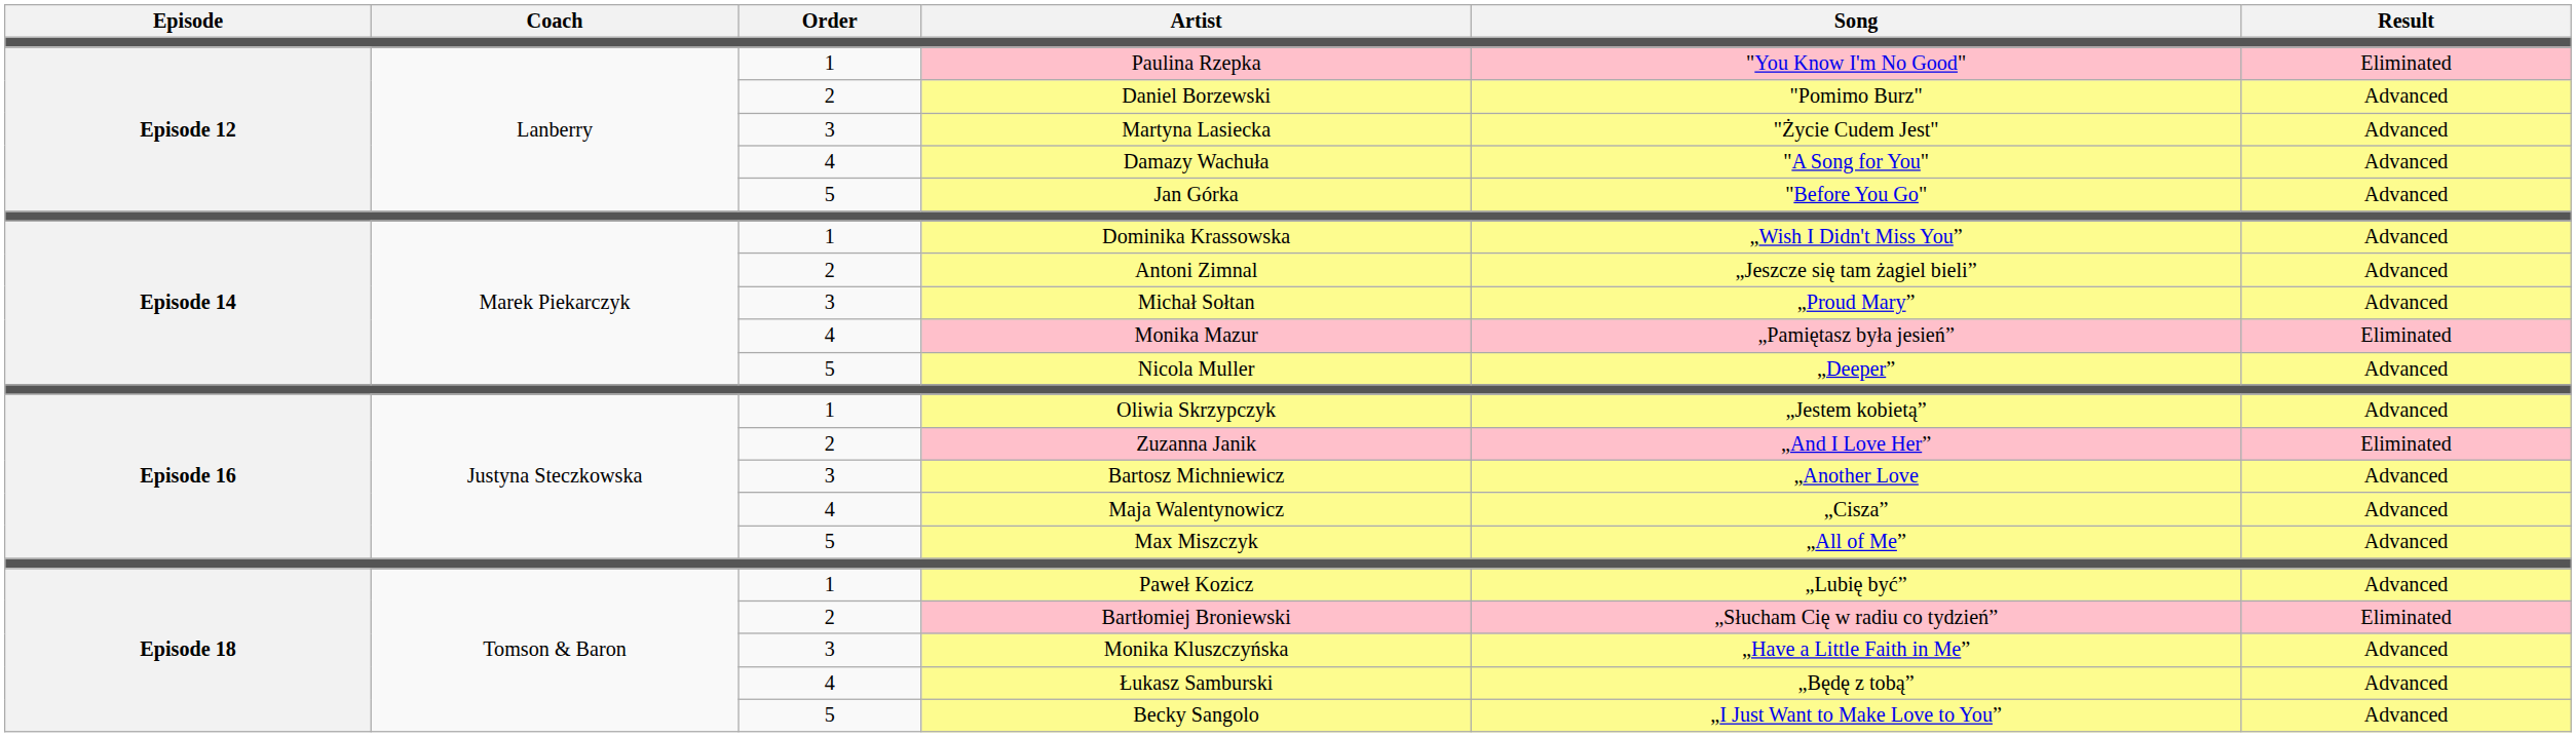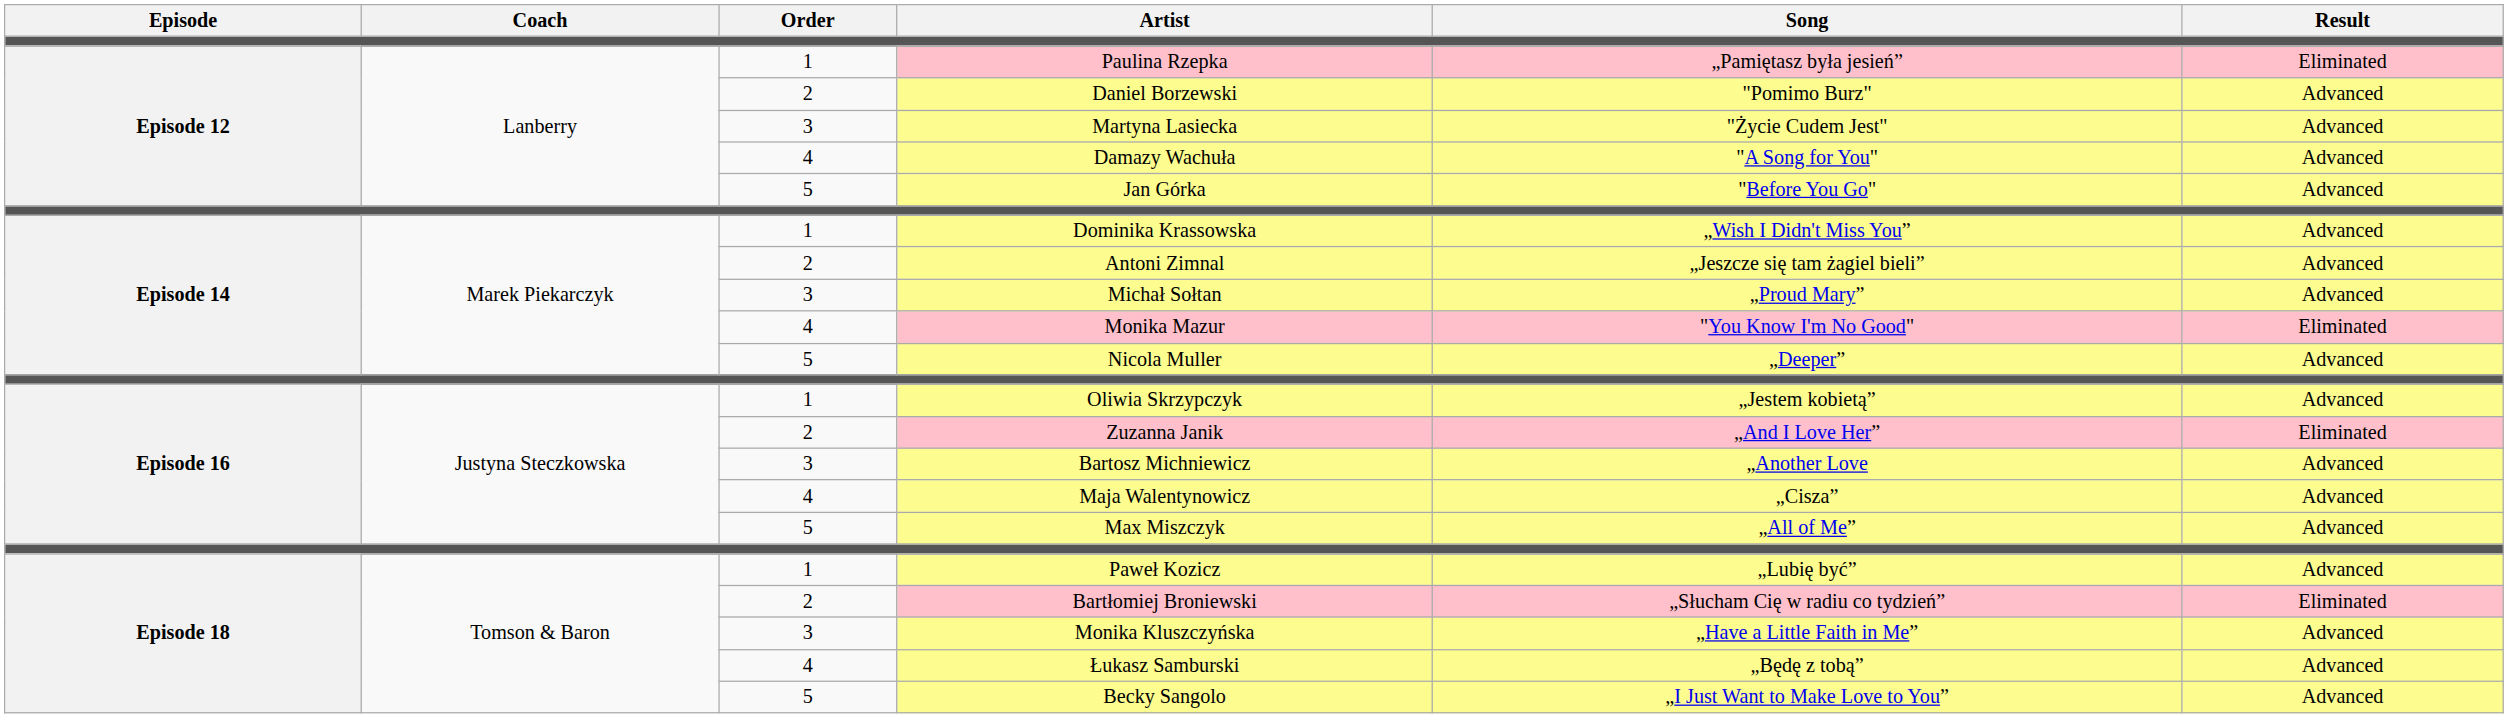 <table class="wikitable plainrowheaders" style="text-align: center; width:100%;">
 <tr>
 <th scope="col" style="width:10%;">Episode</th>
 <th style="width:10%;">Coach</th>
 <th style="width:05%;">Order</th>
 <th style="width:15%;">Artist</th>
 <th style="width:21%;">Song</th>
 <th style="width:09%;">Result</th>
 </tr>
 <tr>
 <td colspan="6" style="background:#555;"></td>
 </tr>
 <tr>
 <th rowspan="6">Episode 12<br><small></small></th>
 </tr>
 <tr>
 <td rowspan="5">Lanberry</td>
 <td>1</td>
 <td style="background:pink">Paulina Rzepka</td>
-<td style="background:pink">"<a href='#'>You Know I'm No Good</a>"</td>
+<td style="background:pink">„Pamiętasz była jesień”</td>
 <td style="background:pink">Eliminated</td>
 </tr>
 <tr>
 <td>2</td>
 <td style="background:#fdfc8f;">Daniel Borzewski</td>
 <td style="background:#fdfc8f;">"Pomimo Burz"</td>
 <td style="background:#fdfc8f;">Advanced</td>
 </tr>
 <tr>
 <td>3</td>
 <td style="background:#fdfc8f;">Martyna Lasiecka</td>
 <td style="background:#fdfc8f;">"Życie Cudem Jest"</td>
 <td style="background:#fdfc8f;">Advanced</td>
 </tr>
 <tr>
 <td>4</td>
 <td style="background:#fdfc8f;">Damazy Wachuła</td>
 <td style="background:#fdfc8f;">"<a href='#'>A Song for You</a>"</td>
 <td style="background:#fdfc8f;">Advanced</td>
 </tr>
 <tr>
 <td>5</td>
 <td style="background:#fdfc8f;">Jan Górka</td>
 <td style="background:#fdfc8f;">"<a href='#'>Before You Go</a>"</td>
 <td style="background:#fdfc8f;">Advanced</td>
 </tr>
 <tr>
 <td colspan="6" style="background:#555;"></td>
 </tr>
 <tr>
 <th rowspan="6">Episode 14<br><small></small></th>
 </tr>
 <tr>
 <td rowspan="5">Marek Piekarczyk</td>
 <td>1</td>
 <td style="background:#fdfc8f;">Dominika Krassowska</td>
 <td style="background:#fdfc8f;">„<a href='#'>Wish I Didn't Miss You</a>”</td>
 <td style="background:#fdfc8f;">Advanced</td>
 </tr>
 <tr>
 <td>2</td>
 <td style="background:#fdfc8f;">Antoni Zimnal</td>
 <td style="background:#fdfc8f;">„Jeszcze się tam żagiel bieli”</td>
 <td style="background:#fdfc8f;">Advanced</td>
 </tr>
 <tr>
 <td>3</td>
 <td style="background:#fdfc8f;">Michał Sołtan</td>
 <td style="background:#fdfc8f;">„<a href='#'>Proud Mary</a>”</td>
 <td style="background:#fdfc8f;">Advanced</td>
 </tr>
 <tr>
 <td>4</td>
 <td style="background:pink">Monika Mazur</td>
-<td style="background:pink">„Pamiętasz była jesień”</td>
+<td style="background:pink">"<a href='#'>You Know I'm No Good</a>"</td>
 <td style="background:pink">Eliminated</td>
 </tr>
 <tr>
 <td>5</td>
 <td style="background:#fdfc8f;">Nicola Muller</td>
 <td style="background:#fdfc8f;">„<a href='#'>Deeper</a>”</td>
 <td style="background:#fdfc8f;">Advanced</td>
 </tr>
 <tr>
 <td colspan="6" style="background:#555;"></td>
 </tr>
 <tr>
 <th rowspan="6">Episode 16<br><small></small></th>
 </tr>
 <tr>
 <td rowspan="5">Justyna Steczkowska</td>
 <td>1</td>
 <td style="background:#fdfc8f;">Oliwia Skrzypczyk</td>
 <td style="background:#fdfc8f;">„Jestem kobietą”</td>
 <td style="background:#fdfc8f;">Advanced</td>
 </tr>
 <tr>
 <td>2</td>
 <td style="background:pink">Zuzanna Janik</td>
 <td style="background:pink">„<a href='#'>And I Love Her</a>”</td>
 <td style="background:pink">Eliminated</td>
 </tr>
 <tr>
 <td>3</td>
 <td style="background:#fdfc8f;">Bartosz Michniewicz</td>
 <td style="background:#fdfc8f;">„<a href='#'>Another Love</a></td>
 <td style="background:#fdfc8f;">Advanced</td>
 </tr>
 <tr>
 <td>4</td>
 <td style="background:#fdfc8f;">Maja Walentynowicz</td>
 <td style="background:#fdfc8f;">„Cisza”</td>
 <td style="background:#fdfc8f;">Advanced</td>
 </tr>
 <tr>
 <td>5</td>
 <td style="background:#fdfc8f;">Max Miszczyk</td>
 <td style="background:#fdfc8f;">„<a href='#'>All of Me</a>”</td>
 <td style="background:#fdfc8f;">Advanced</td>
 </tr>
 <tr>
 <td colspan="6" style="background:#555;"></td>
 </tr>
 <tr>
 <th rowspan="6">Episode 18<br><small></small></th>
 </tr>
 <tr>
 <td rowspan="5">Tomson & Baron</td>
 <td>1</td>
 <td style="background:#fdfc8f;">Paweł Kozicz</td>
 <td style="background:#fdfc8f;">„Lubię być”</td>
 <td style="background:#fdfc8f;">Advanced</td>
 </tr>
 <tr>
 <td>2</td>
 <td style="background:pink">Bartłomiej Broniewski</td>
 <td style="background:pink">„Słucham Cię w radiu co tydzień”</td>
 <td style="background:pink">Eliminated</td>
 </tr>
 <tr>
 <td>3</td>
 <td style="background:#fdfc8f;">Monika Kluszczyńska</td>
 <td style="background:#fdfc8f;">„<a href='#'>Have a Little Faith in Me</a>”</td>
 <td style="background:#fdfc8f;">Advanced</td>
 </tr>
 <tr>
 <td>4</td>
 <td style="background:#fdfc8f;">Łukasz Samburski</td>
 <td style="background:#fdfc8f;">„Będę z tobą”</td>
 <td style="background:#fdfc8f;">Advanced</td>
 </tr>
 <tr>
 <td>5</td>
 <td style="background:#fdfc8f;">Becky Sangolo</td>
 <td style="background:#fdfc8f;">„<a href='#'>I Just Want to Make Love to You</a>”</td>
 <td style="background:#fdfc8f;">Advanced</td>
 </tr>
 </table>
